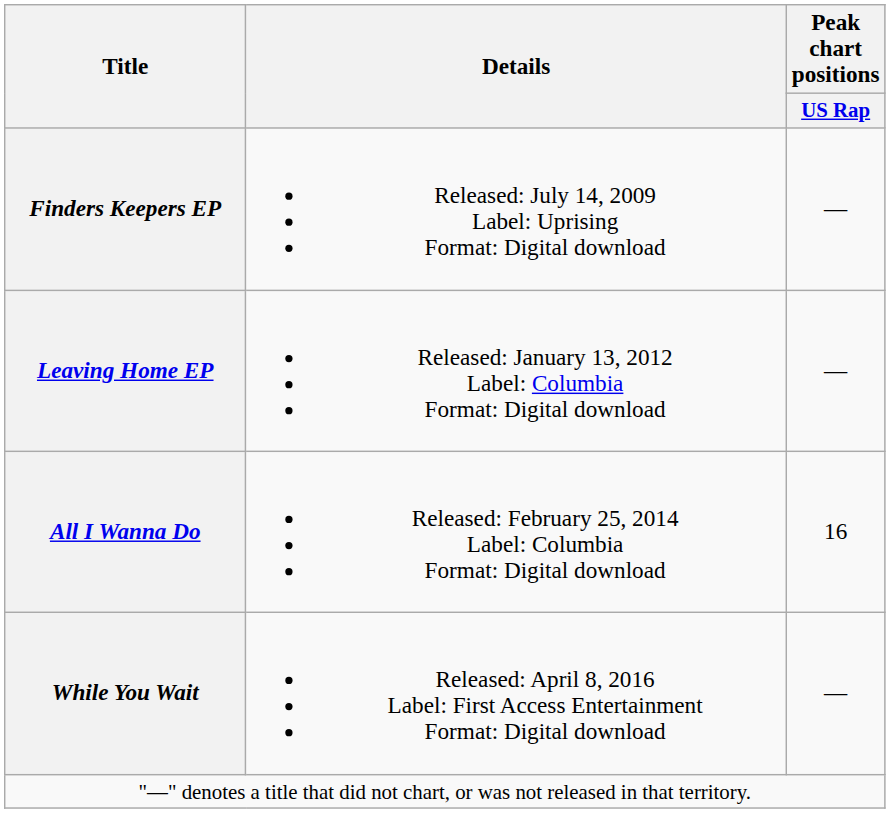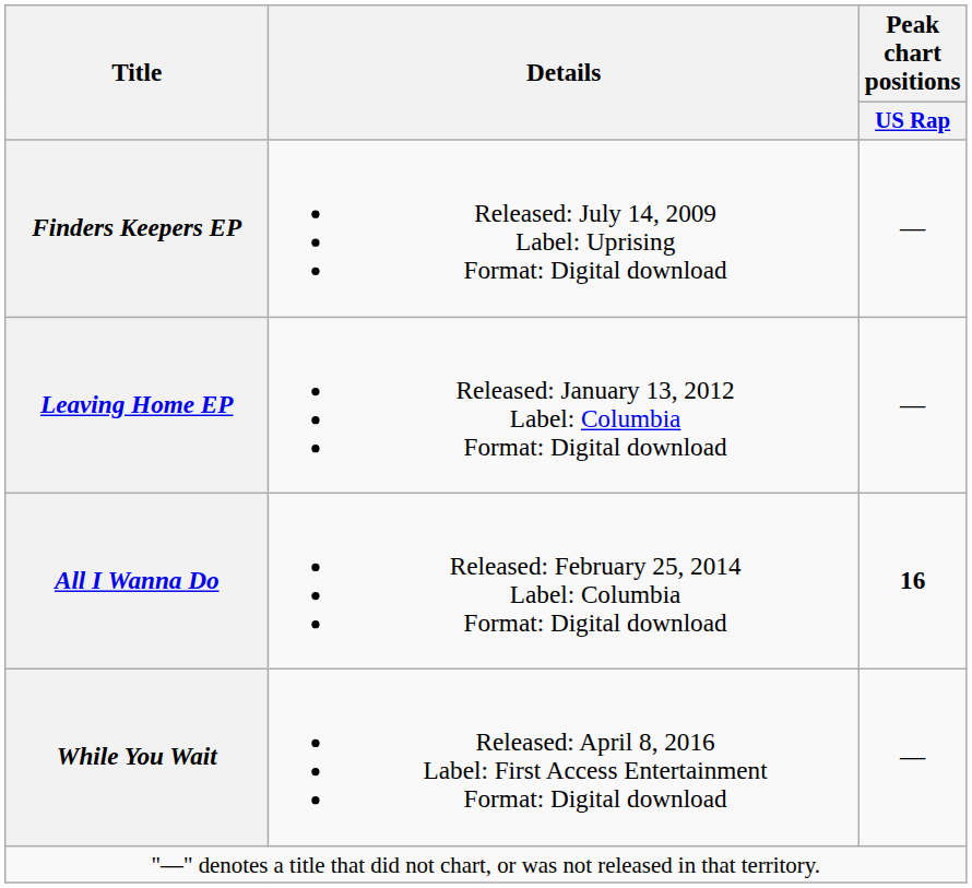 <table class="wikitable plainrowheaders" style="text-align:center;">
 <tr>
 <th scope="col" rowspan="2" style="width:10em;">Title</th>
 <th scope="col" rowspan="2" style="width:23em;">Details</th>
 <th scope="col" colspan="1">Peak chart positions</th>
 </tr>
 <tr>
 <th scope="col" style="width:2.2em;font-size:90%;"><a href='#'>US Rap</a><br></th>
 </tr>
 <tr>
 <th scope="row"><em>Finders Keepers EP</em></th>
 <td><br><ul><li>Released: July 14, 2009</li><li>Label: Uprising</li><li>Format: Digital download</li></ul></td>
 <td>—</td>
 </tr>
 <tr>
 <th scope="row"><em><a href='#'>Leaving Home EP</a></em></th>
 <td><br><ul><li>Released: January 13, 2012</li><li>Label: <a href='#'>Columbia</a></li><li>Format: Digital download</li></ul></td>
 <td>—</td>
 </tr>
 <tr>
 <th scope="row"><em><a href='#'>All I Wanna Do</a></em></th>
 <td><br><ul><li>Released: February 25, 2014</li><li>Label: Columbia</li><li>Format: Digital download</li></ul></td>
-<td>16</td>
+<td><strong>16</strong></td>
 </tr>
 <tr>
 <th scope="row"><em>While You Wait</em></th>
 <td><br><ul><li>Released: April 8, 2016</li><li>Label: First Access Entertainment</li><li>Format: Digital download</li></ul></td>
 <td>—</td>
 </tr>
 <tr>
 <td colspan="14" style="font-size:90%">"—" denotes a title that did not chart, or was not released in that territory.</td>
 </tr>
 </table>
